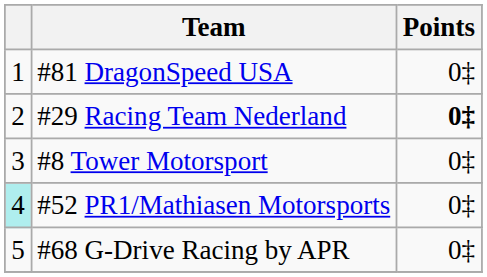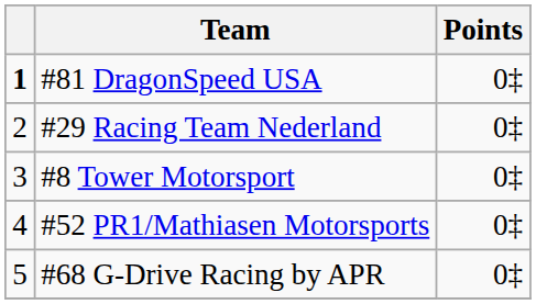 <table class="wikitable" style="font-size: 95%;">
 <tr>
 <th scope="col"></th>
 <th scope="col">Team</th>
 <th scope="col">Points</th>
 </tr>
 <tr>
-<td align=center>1</td>
+<td align=center><strong>1</strong></td>
 <td> #81 <a href='#'>DragonSpeed USA</a></td>
 <td align=right>0‡</td>
 </tr>
 <tr>
 <td align=center>2</td>
 <td> #29 <a href='#'>Racing Team Nederland</a></td>
-<td align=right><strong>0‡</strong></td>
+<td align=right>0‡</td>
 </tr>
 <tr>
 <td align=center>3</td>
 <td> #8 <a href='#'>Tower Motorsport</a></td>
 <td align=right>0‡</td>
 </tr>
 <tr>
-<td align=center style="background: paleturquoise;">4</td>
+<td align=center>4</td>
 <td> #52 <a href='#'>PR1/Mathiasen Motorsports</a></td>
 <td align=right>0‡</td>
 </tr>
 <tr>
 <td align=center>5</td>
 <td> #68 G-Drive Racing by APR</td>
 <td align=right>0‡</td>
 </tr>
 <tr>
 </tr>
 </table>
